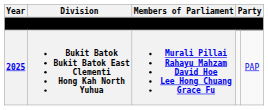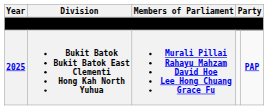 <table class="wikitable" align="center" style="text-align:center">
 <tr>
 <th>Year</th>
 <th>Division</th>
 <th>Members of Parliament</th>
 <th colspan="2">Party</th>
 </tr>
 <tr>
 <td colspan="5" bgcolor="black"><span><strong>Formation</strong></span></td>
 </tr>
 <tr>
 <th><a href='#'>2025</a></th>
 <th><br><ul><li>Bukit Batok</li><li>Bukit Batok East</li><li>Clementi</li><li>Hong Kah North</li><li>Yuhua</li></ul></th>
 <th><br><ul><li><a href='#'>Murali Pillai</a></li><li><a href='#'>Rahayu Mahzam</a></li><li><a href='#'>David Hoe</a></li><li><a href='#'>Lee Hong Chuang</a></li><li><a href='#'>Grace Fu</a></li></ul></th>
 <td></td>
-<td><a href='#'>PAP</a></td>
+<td><strong><a href='#'>PAP</a></strong></td>
 </tr>
 </table>
